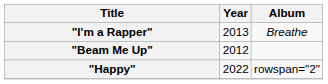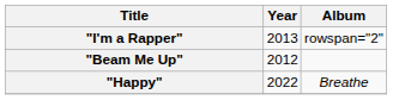 <table class="wikitable plainrowheaders" style="text-align: center">
 <tr>
 <th scope="col" style="width:18em;">Title</th>
 <th scope="col">Year</th>
 <th scope="col">Album</th>
 </tr>
 <tr>
 <th scope="row">"I'm a Rapper"<br></th>
 <td>2013</td>
-<td><em>Breathe</em></td>
+<td>rowspan="2" </td>
 </tr>
 <tr>
 <th scope="row">"Beam Me Up"<br></th>
 <td>2012</td>
 </tr>
 <tr>
 <th scope="row">"Happy"<br></th>
 <td>2022</td>
-<td>rowspan="2" </td>
+<td><em>Breathe</em></td>
 </tr>
 <tr>
 </tr>
 </table>
